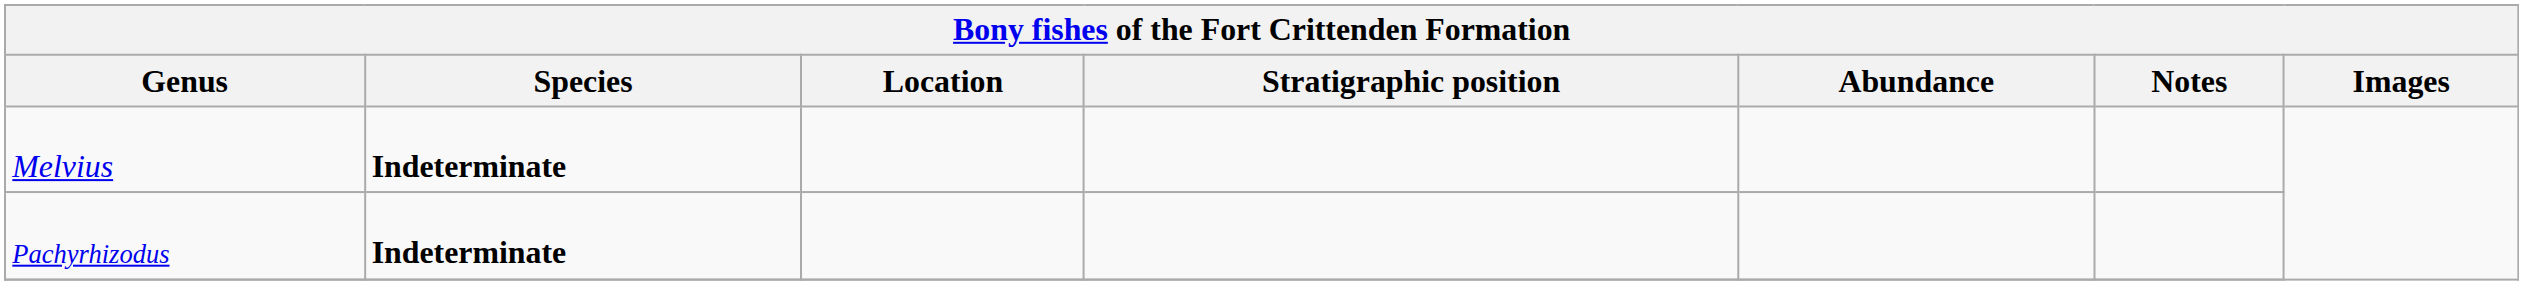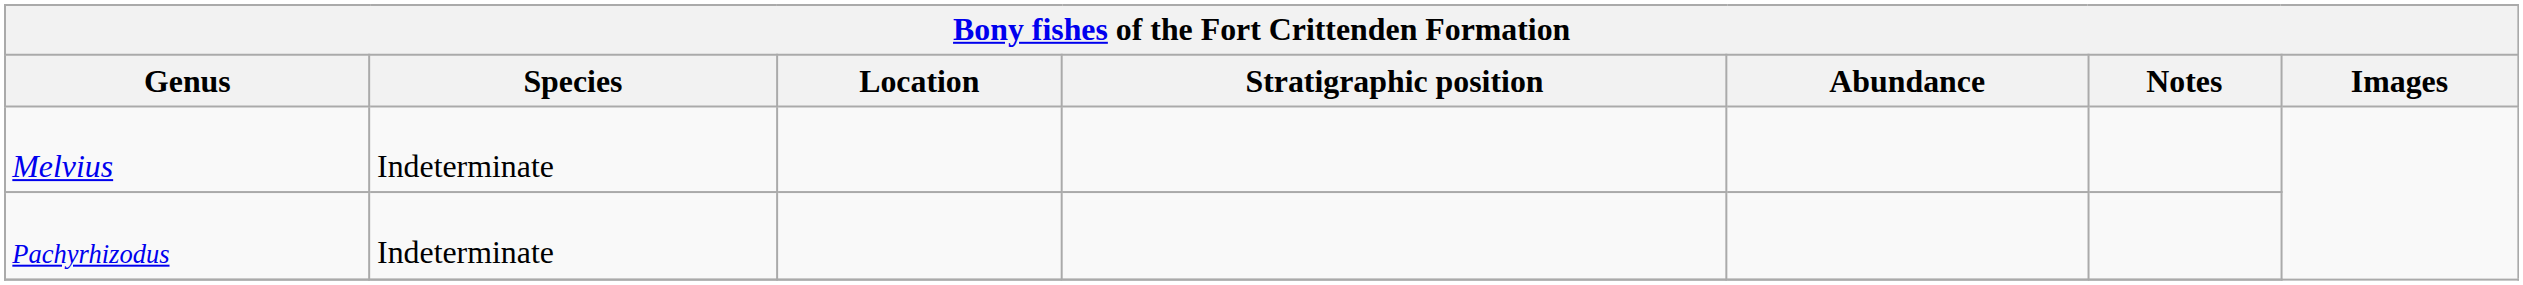 <table class="wikitable" align="center" width="100%">
 <tr>
 <th colspan="7" align="center"><strong><a href='#'>Bony fishes</a> of the Fort Crittenden Formation</strong></th>
 </tr>
 <tr>
 <th>Genus</th>
 <th>Species</th>
 <th>Location</th>
 <th>Stratigraphic position</th>
 <th>Abundance</th>
 <th>Notes</th>
 <th>Images</th>
 </tr>
 <tr>
 <td><br><em><a href='#'>Melvius</a></em></td>
-<td><strong><br>Indeterminate</strong></td>
+<td><br>Indeterminate</td>
 <td></td>
 <td></td>
 <td></td>
 <td></td>
 <td rowspan="99"><br></td>
 </tr>
 <tr>
 <td><br><small><em><a href='#'>Pachyrhizodus</a></em></small></td>
-<td><strong><br>Indeterminate</strong></td>
+<td><br>Indeterminate</td>
 <td></td>
 <td></td>
 <td></td>
 <td></td>
 </tr>
 <tr>
 </tr>
 </table>
